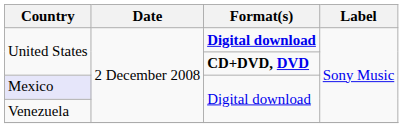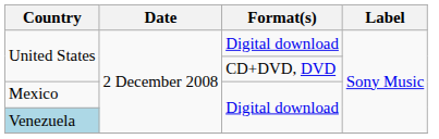 <table class="wikitable plainrowheaders">
 <tr>
 <th scope="col">Country</th>
 <th scope="col">Date</th>
 <th scope="col">Format(s)</th>
 <th scope="col">Label</th>
 </tr>
 <tr>
 <td scope="row" rowspan="2">United States</td>
 <td rowspan="4">2 December 2008</td>
-<td rowspan=""><strong><a href='#'>Digital download</a></strong></td>
+<td rowspan=""><a href='#'>Digital download</a></td>
 <td rowspan="4"><a href='#'>Sony Music</a></td>
 </tr>
 <tr>
-<td><strong>CD+DVD, <a href='#'>DVD</a></strong></td>
+<td>CD+DVD, <a href='#'>DVD</a></td>
 </tr>
 <tr>
-<td scope="row" style="background: lavender;">Mexico</td>
+<td scope="row">Mexico</td>
 <td rowspan="2"><a href='#'>Digital download</a></td>
 </tr>
 <tr>
-<td scope="row">Venezuela</td>
+<td scope="row" style="background: lightblue;">Venezuela</td>
 </tr>
 <tr>
 </tr>
 </table>
